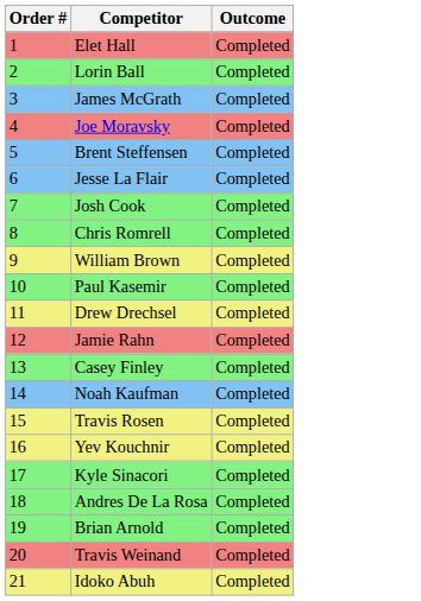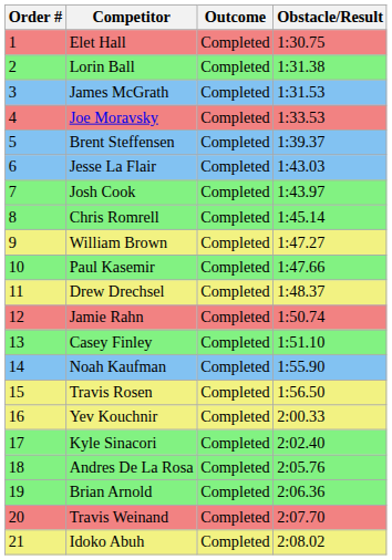 <table class="wikitable sortable">
 <tr>
 <th>Order #</th>
 <th>Competitor</th>
 <th>Outcome</th>
+<th>Obstacle/Result</th>
 </tr>
 <tr style="background-color:#f28282">
 <td>1</td>
 <td>Elet Hall</td>
 <td>Completed</td>
+<td>1:30.75</td>
 </tr>
 <tr style="background-color:#82f282">
 <td>2</td>
 <td>Lorin Ball</td>
 <td>Completed</td>
+<td>1:31.38</td>
 </tr>
 <tr style="background-color:#82c2f2">
 <td>3</td>
 <td>James McGrath</td>
 <td>Completed</td>
+<td>1:31.53</td>
 </tr>
 <tr style="background-color:#f28282">
 <td>4</td>
 <td><a href='#'>Joe Moravsky</a></td>
 <td>Completed</td>
+<td>1:33.53</td>
 </tr>
 <tr style="background-color:#82c2f2">
 <td>5</td>
 <td>Brent Steffensen</td>
 <td>Completed</td>
+<td>1:39.37</td>
 </tr>
 <tr style="background-color:#82c2f2">
 <td>6</td>
 <td>Jesse La Flair</td>
 <td>Completed</td>
+<td>1:43.03</td>
 </tr>
 <tr style="background-color:#82f282">
 <td>7</td>
 <td>Josh Cook</td>
 <td>Completed</td>
+<td>1:43.97</td>
 </tr>
 <tr style="background-color:#82f282">
 <td>8</td>
 <td>Chris Romrell</td>
 <td>Completed</td>
+<td>1:45.14</td>
 </tr>
 <tr style="background-color:#f2f282">
 <td>9</td>
 <td>William Brown</td>
 <td>Completed</td>
+<td>1:47.27</td>
 </tr>
 <tr style="background-color:#82f282">
 <td>10</td>
 <td>Paul Kasemir</td>
 <td>Completed</td>
+<td>1:47.66</td>
 </tr>
 <tr style="background-color:#f2f282">
 <td>11</td>
 <td>Drew Drechsel</td>
 <td>Completed</td>
+<td>1:48.37</td>
 </tr>
 <tr style="background-color:#f28282">
 <td>12</td>
 <td>Jamie Rahn</td>
 <td>Completed</td>
+<td>1:50.74</td>
 </tr>
 <tr style="background-color:#82f282">
 <td>13</td>
 <td>Casey Finley</td>
 <td>Completed</td>
+<td>1:51.10</td>
 </tr>
 <tr style="background-color:#82c2f2">
 <td>14</td>
 <td>Noah Kaufman</td>
 <td>Completed</td>
+<td>1:55.90</td>
 </tr>
 <tr style="background-color:#f2f282">
 <td>15</td>
 <td>Travis Rosen</td>
 <td>Completed</td>
+<td>1:56.50</td>
 </tr>
 <tr style="background-color:#f2f282">
 <td>16</td>
 <td>Yev Kouchnir</td>
 <td>Completed</td>
+<td>2:00.33</td>
 </tr>
 <tr style="background-color:#82f282">
 <td>17</td>
 <td>Kyle Sinacori</td>
 <td>Completed</td>
+<td>2:02.40</td>
 </tr>
 <tr style="background-color:#82f282">
 <td>18</td>
 <td>Andres De La Rosa</td>
 <td>Completed</td>
+<td>2:05.76</td>
 </tr>
 <tr style="background-color:#82f282">
 <td>19</td>
 <td>Brian Arnold</td>
 <td>Completed</td>
+<td>2:06.36</td>
 </tr>
 <tr style="background-color:#f28282">
 <td>20</td>
 <td>Travis Weinand</td>
 <td>Completed</td>
+<td>2:07.70</td>
 </tr>
 <tr style="background-color:#f2f282">
 <td>21</td>
 <td>Idoko Abuh</td>
 <td>Completed</td>
+<td>2:08.02</td>
 </tr>
 </table>
